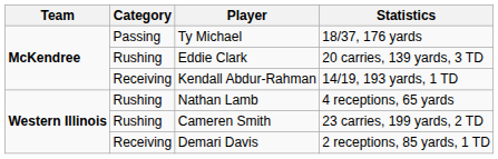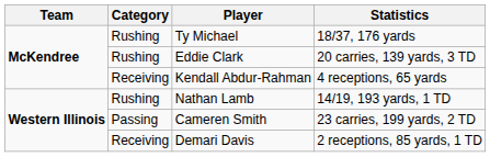 <table class="wikitable" style="float: right;">
 <tr>
 <th>Team</th>
 <th>Category</th>
 <th>Player</th>
 <th>Statistics</th>
 </tr>
 <tr>
 <td rowspan=3><strong>McKendree</strong></td>
-<td>Passing</td>
+<td>Rushing</td>
 <td>Ty Michael</td>
 <td>18/37, 176 yards</td>
 </tr>
 <tr>
 <td>Rushing</td>
 <td>Eddie Clark</td>
 <td>20 carries, 139 yards, 3 TD</td>
 </tr>
 <tr>
 <td>Receiving</td>
 <td>Kendall Abdur-Rahman</td>
-<td>14/19, 193 yards, 1 TD</td>
+<td>4 receptions, 65 yards</td>
 </tr>
 <tr>
 <td rowspan=3><strong>Western Illinois</strong></td>
 <td>Rushing</td>
 <td>Nathan Lamb</td>
-<td>4 receptions, 65 yards</td>
+<td>14/19, 193 yards, 1 TD</td>
 </tr>
 <tr>
-<td>Rushing</td>
+<td>Passing</td>
 <td>Cameren Smith</td>
 <td>23 carries, 199 yards, 2 TD</td>
 </tr>
 <tr>
 <td>Receiving</td>
 <td>Demari Davis</td>
 <td>2 receptions, 85 yards, 1 TD</td>
 </tr>
 </table>
